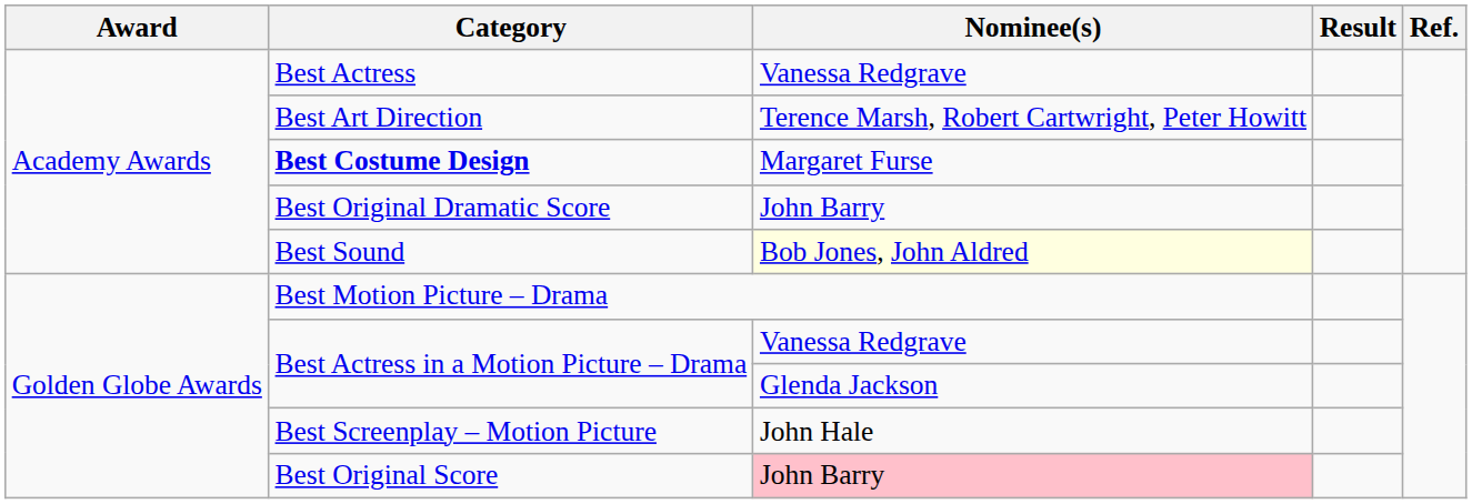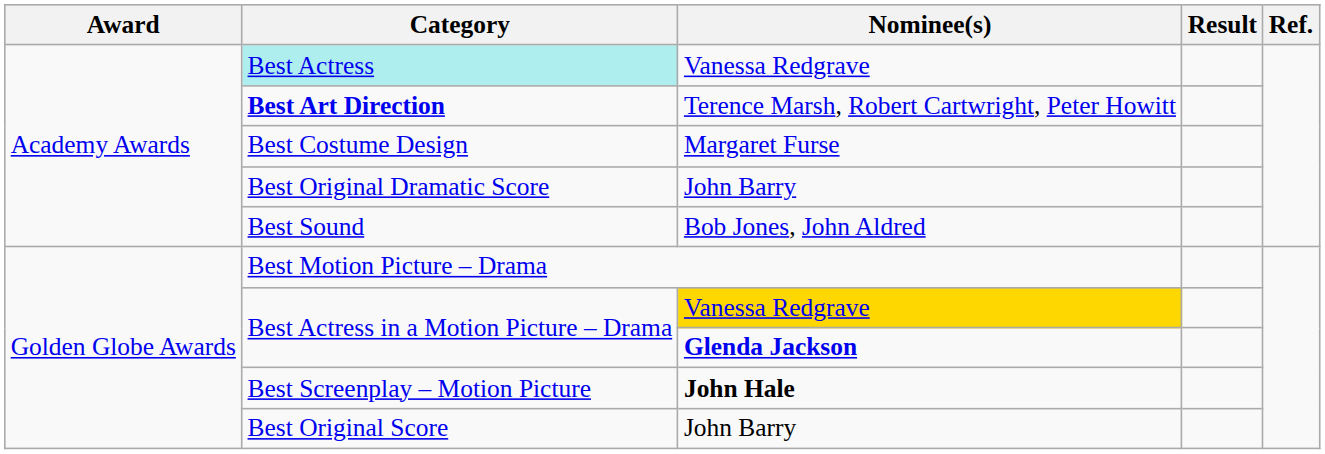 <table class="wikitable plainrowheaders">
 <tr>
 <th>Award</th>
 <th>Category</th>
 <th>Nominee(s)</th>
 <th>Result</th>
 <th>Ref.</th>
 </tr>
 <tr>
 <td rowspan="5"><a href='#'>Academy Awards</a></td>
-<td><a href='#'>Best Actress</a></td>
+<td style="background: paleturquoise;"><a href='#'>Best Actress</a></td>
 <td><a href='#'>Vanessa Redgrave</a></td>
 <td></td>
 <td rowspan="5" align="center"> <br> </td>
 </tr>
 <tr>
-<td><a href='#'>Best Art Direction</a></td>
+<td><strong><a href='#'>Best Art Direction</a></strong></td>
 <td><a href='#'>Terence Marsh</a>, <a href='#'>Robert Cartwright</a>, <a href='#'>Peter Howitt</a></td>
 <td></td>
 </tr>
 <tr>
-<td><strong><a href='#'>Best Costume Design</a></strong></td>
+<td><a href='#'>Best Costume Design</a></td>
 <td><a href='#'>Margaret Furse</a></td>
 <td></td>
 </tr>
 <tr>
 <td><a href='#'>Best Original Dramatic Score</a></td>
 <td><a href='#'>John Barry</a></td>
 <td></td>
 </tr>
 <tr>
 <td><a href='#'>Best Sound</a></td>
-<td style="background: lightyellow;"><a href='#'>Bob Jones</a>, <a href='#'>John Aldred</a></td>
+<td><a href='#'>Bob Jones</a>, <a href='#'>John Aldred</a></td>
 <td></td>
 </tr>
 <tr>
 <td rowspan="5"><a href='#'>Golden Globe Awards</a></td>
 <td colspan="2"><a href='#'>Best Motion Picture – Drama</a></td>
 <td></td>
 <td rowspan="5" align="center"></td>
 </tr>
 <tr>
 <td rowspan="2"><a href='#'>Best Actress in a Motion Picture – Drama</a></td>
-<td><a href='#'>Vanessa Redgrave</a></td>
+<td style="background: gold;"><a href='#'>Vanessa Redgrave</a></td>
 <td></td>
 </tr>
 <tr>
-<td><a href='#'>Glenda Jackson</a></td>
+<td><strong><a href='#'>Glenda Jackson</a></strong></td>
 <td></td>
 </tr>
 <tr>
 <td><a href='#'>Best Screenplay – Motion Picture</a></td>
-<td>John Hale</td>
+<td><strong>John Hale</strong></td>
 <td></td>
 </tr>
 <tr>
 <td><a href='#'>Best Original Score</a></td>
-<td style="background: pink;">John Barry</td>
+<td>John Barry</td>
 <td></td>
 </tr>
 </table>
